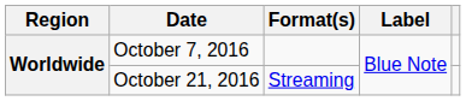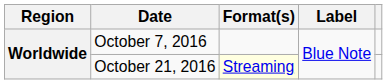 <table class="wikitable plainrowheaders">
 <tr>
 <th scope="col">Region</th>
 <th scope="col">Date</th>
 <th scope="col">Format(s)</th>
 <th scope="col">Label</th>
 <th scope="col"></th>
 </tr>
 <tr>
 <th scope="row" rowspan="2">Worldwide</th>
 <td>October 7, 2016</td>
 <td></td>
 <td rowspan="2"><a href='#'>Blue Note</a></td>
 <td></td>
 </tr>
 <tr>
 <td>October 21, 2016</td>
-<td><a href='#'>Streaming</a></td>
+<td style="background: lightyellow;"><a href='#'>Streaming</a></td>
 <td></td>
 </tr>
 </table>
